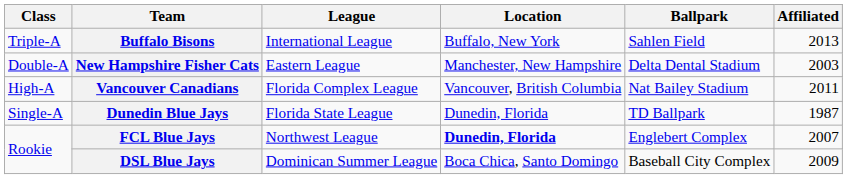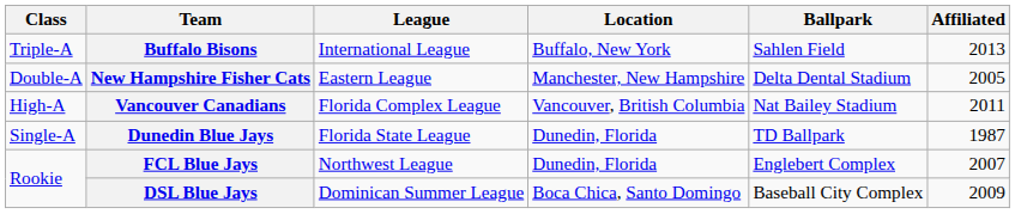 <table class="wikitable plainrowheaders sortable">
 <tr>
 <th scope="col">Class</th>
 <th scope="col">Team</th>
 <th scope="col">League</th>
 <th scope="col">Location</th>
 <th scope="col">Ballpark</th>
 <th scope="col">Affiliated</th>
 </tr>
 <tr>
 <td><a href='#'>Triple-A</a></td>
 <th scope="row"><a href='#'>Buffalo Bisons</a></th>
 <td><a href='#'>International League</a></td>
 <td><a href='#'>Buffalo, New York</a></td>
 <td><a href='#'>Sahlen Field</a></td>
 <td align="right">2013</td>
 </tr>
 <tr>
 <td><a href='#'>Double-A</a></td>
 <th scope="row"><a href='#'>New Hampshire Fisher Cats</a></th>
 <td><a href='#'>Eastern League</a></td>
 <td><a href='#'>Manchester, New Hampshire</a></td>
 <td><a href='#'>Delta Dental Stadium</a></td>
-<td align="right">2003</td>
+<td align="right">2005</td>
 </tr>
 <tr>
 <td><a href='#'>High-A</a></td>
 <th scope="row"><a href='#'>Vancouver Canadians</a></th>
 <td><a href='#'>Florida Complex League</a></td>
 <td><a href='#'>Vancouver</a>, <a href='#'>British Columbia</a></td>
 <td><a href='#'>Nat Bailey Stadium</a></td>
 <td align="right">2011</td>
 </tr>
 <tr>
 <td><a href='#'>Single-A</a></td>
 <th scope="row"><a href='#'>Dunedin Blue Jays</a></th>
 <td><a href='#'>Florida State League</a></td>
 <td><a href='#'>Dunedin, Florida</a></td>
 <td><a href='#'>TD Ballpark</a></td>
 <td align="right">1987</td>
 </tr>
 <tr>
 <td rowspan=3><a href='#'>Rookie</a></td>
 <th scope="row"><a href='#'>FCL Blue Jays</a></th>
 <td><a href='#'>Northwest League</a></td>
-<td><strong><a href='#'>Dunedin, Florida</a></strong></td>
+<td><a href='#'>Dunedin, Florida</a></td>
 <td><a href='#'>Englebert Complex</a></td>
 <td align="right">2007</td>
 </tr>
 <tr>
 <th scope="row"><a href='#'>DSL Blue Jays</a></th>
 <td><a href='#'>Dominican Summer League</a></td>
 <td><a href='#'>Boca Chica</a>, <a href='#'>Santo Domingo</a></td>
 <td>Baseball City Complex</td>
 <td align="right">2009</td>
 </tr>
 </table>
